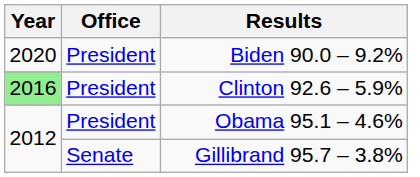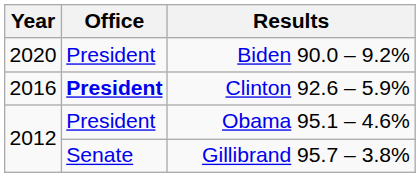 <table class=wikitable>
 <tr>
 <th width="30">Year</th>
 <th width="60">Office</th>
 <th width="180">Results</th>
 </tr>
 <tr>
 <td>2020</td>
 <td><a href='#'>President</a></td>
 <td align="right" ><a href='#'>Biden</a> 90.0 – 9.2%</td>
 </tr>
 <tr>
-<td style="background: lightgreen;">2016</td>
-<td><a href='#'>President</a></td>
+<td>2016</td>
+<td><strong><a href='#'>President</a></strong></td>
 <td align="right" ><a href='#'>Clinton</a> 92.6 – 5.9%</td>
 </tr>
 <tr>
 <td rowspan="2">2012</td>
 <td><a href='#'>President</a></td>
 <td align="right" ><a href='#'>Obama</a> 95.1 – 4.6%</td>
 </tr>
 <tr>
 <td><a href='#'>Senate</a></td>
 <td align="right" ><a href='#'>Gillibrand</a> 95.7 – 3.8%</td>
 </tr>
 </table>
